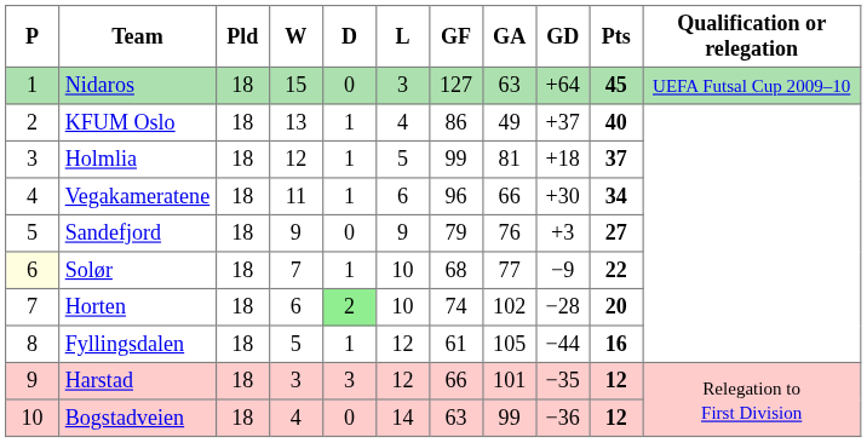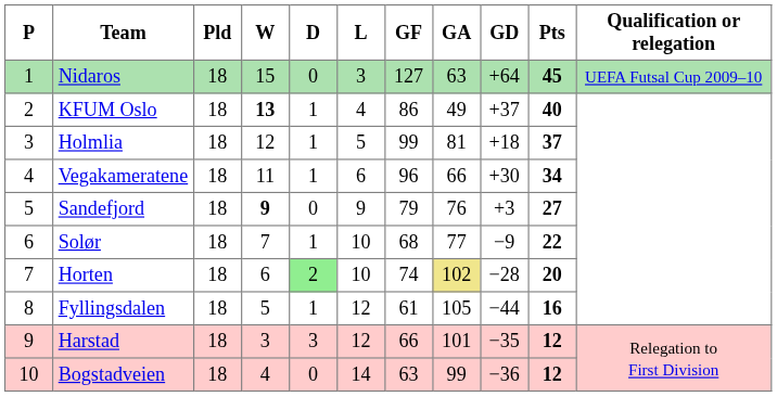 <table class="toccolours" border="1" cellpadding="4" cellspacing="0" style="text-align:center; border-collapse: collapse; margin:0">
 <tr>
 <th width=30>P</th>
 <th>Team</th>
 <th width=30>Pld</th>
 <th width=30>W</th>
 <th width=30>D</th>
 <th width=30>L</th>
 <th width=30>GF</th>
 <th width=30>GA</th>
 <th width=30>GD</th>
 <th width=30>Pts</th>
 <th width=150>Qualification or relegation</th>
 </tr>
 <tr bgcolor="#ACE1AF">
 <td>1</td>
 <td align=left><a href='#'>Nidaros</a></td>
 <td>18</td>
 <td>15</td>
 <td>0</td>
 <td>3</td>
 <td>127</td>
 <td>63</td>
 <td>+64</td>
 <td><strong>45</strong></td>
 <td><small><a href='#'>UEFA Futsal Cup 2009–10</a></small></td>
 </tr>
 <tr>
 <td>2</td>
 <td align=left><a href='#'>KFUM Oslo</a></td>
 <td>18</td>
-<td>13</td>
+<td><strong>13</strong></td>
 <td>1</td>
 <td>4</td>
 <td>86</td>
 <td>49</td>
 <td>+37</td>
 <td><strong>40</strong></td>
 </tr>
 <tr>
 <td>3</td>
 <td align=left><a href='#'>Holmlia</a></td>
 <td>18</td>
 <td>12</td>
 <td>1</td>
 <td>5</td>
 <td>99</td>
 <td>81</td>
 <td>+18</td>
 <td><strong>37</strong></td>
 </tr>
 <tr>
 <td>4</td>
 <td align=left><a href='#'>Vegakameratene</a></td>
 <td>18</td>
 <td>11</td>
 <td>1</td>
 <td>6</td>
 <td>96</td>
 <td>66</td>
 <td>+30</td>
 <td><strong>34</strong></td>
 </tr>
 <tr>
 <td>5</td>
 <td align=left><a href='#'>Sandefjord</a></td>
 <td>18</td>
-<td>9</td>
+<td><strong>9</strong></td>
 <td>0</td>
 <td>9</td>
 <td>79</td>
 <td>76</td>
 <td>+3</td>
 <td><strong>27</strong></td>
 </tr>
 <tr>
-<td style="background: lightyellow;">6</td>
+<td>6</td>
 <td align=left><a href='#'>Solør</a></td>
 <td>18</td>
 <td>7</td>
 <td>1</td>
 <td>10</td>
 <td>68</td>
 <td>77</td>
 <td>−9</td>
 <td><strong>22</strong></td>
 </tr>
 <tr>
 <td>7</td>
 <td align=left><a href='#'>Horten</a></td>
 <td>18</td>
 <td>6</td>
 <td style="background: lightgreen;">2</td>
 <td>10</td>
 <td>74</td>
-<td>102</td>
+<td style="background: khaki;">102</td>
 <td>−28</td>
 <td><strong>20</strong></td>
 </tr>
 <tr>
 <td>8</td>
 <td align=left><a href='#'>Fyllingsdalen</a></td>
 <td>18</td>
 <td>5</td>
 <td>1</td>
 <td>12</td>
 <td>61</td>
 <td>105</td>
 <td>−44</td>
 <td><strong>16</strong></td>
 </tr>
 <tr bgcolor="#FFCCCC">
 <td>9</td>
 <td align=left><a href='#'>Harstad</a></td>
 <td>18</td>
 <td>3</td>
 <td>3</td>
 <td>12</td>
 <td>66</td>
 <td>101</td>
 <td>−35</td>
 <td><strong>12</strong></td>
 <td rowspan="2"><small>Relegation to<br><a href='#'>First Division</a></small></td>
 </tr>
 <tr bgcolor="#FFCCCC">
 <td>10</td>
 <td align=left><a href='#'>Bogstadveien</a></td>
 <td>18</td>
 <td>4</td>
 <td>0</td>
 <td>14</td>
 <td>63</td>
 <td>99</td>
 <td>−36</td>
 <td><strong>12</strong></td>
 </tr>
 </table>
